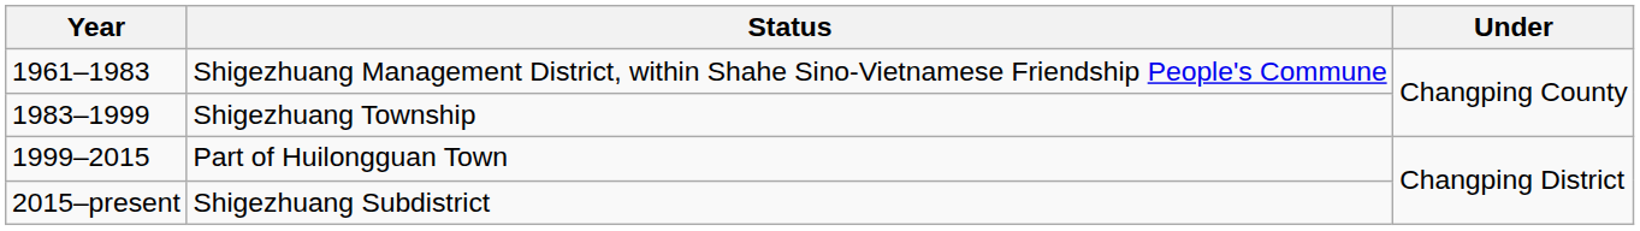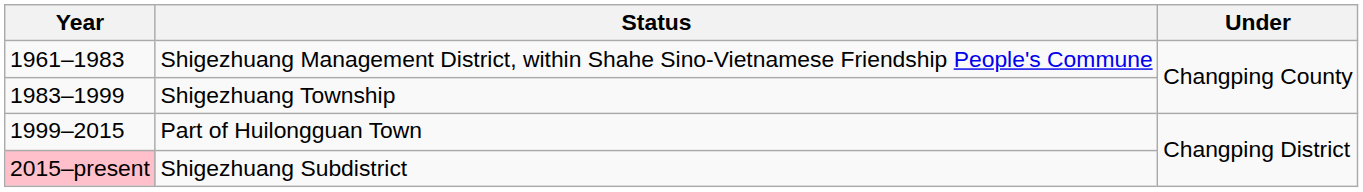 <table class="wikitable">
 <tr>
 <th>Year</th>
 <th>Status</th>
 <th>Under</th>
 </tr>
 <tr>
 <td>1961–1983</td>
 <td>Shigezhuang Management District, within Shahe Sino-Vietnamese Friendship <a href='#'>People's Commune</a></td>
 <td rowspan="2">Changping County</td>
 </tr>
 <tr>
 <td>1983–1999</td>
 <td>Shigezhuang Township</td>
 </tr>
 <tr>
 <td>1999–2015</td>
 <td>Part of Huilongguan Town</td>
 <td rowspan="2">Changping District</td>
 </tr>
 <tr>
-<td>2015–present</td>
+<td style="background: pink;">2015–present</td>
 <td>Shigezhuang Subdistrict</td>
 </tr>
 </table>
